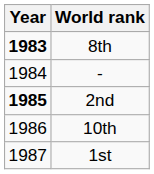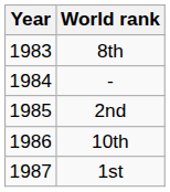 <table class=wikitable>
 <tr>
 <th>Year</th>
 <th>World rank</th>
 </tr>
 <tr>
-<td><strong>1983</strong></td>
+<td>1983</td>
 <td align="center">8th</td>
 </tr>
 <tr>
 <td>1984</td>
 <td align="center">-</td>
 </tr>
 <tr>
-<td><strong>1985</strong></td>
+<td>1985</td>
 <td align="center">2nd</td>
 </tr>
 <tr>
 <td>1986</td>
 <td align="center">10th</td>
 </tr>
 <tr>
 <td>1987</td>
 <td align="center">1st</td>
 </tr>
 </table>
